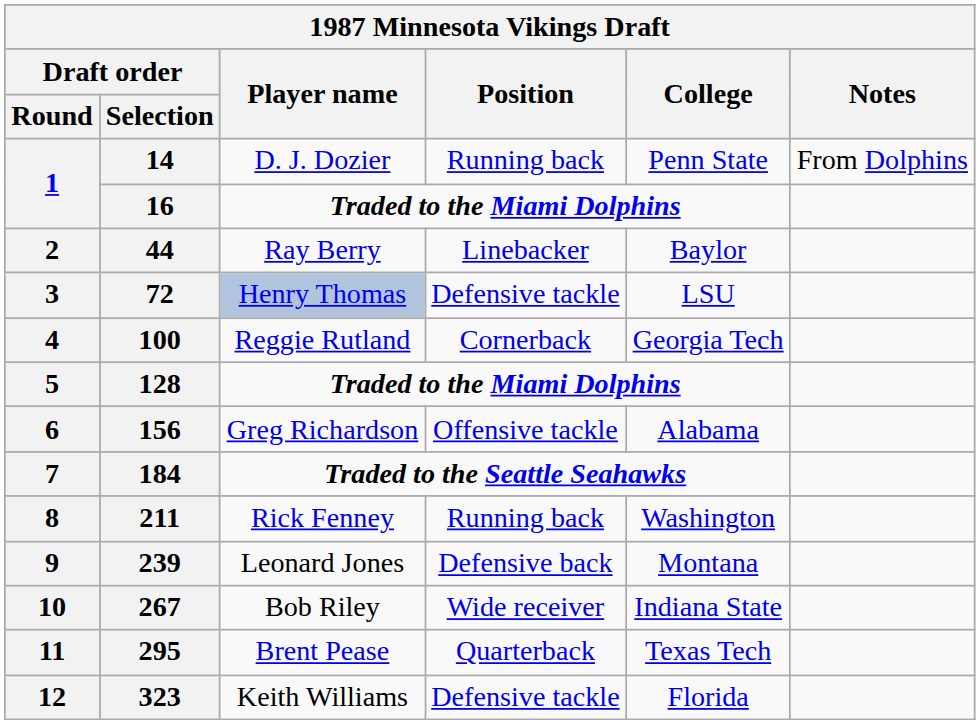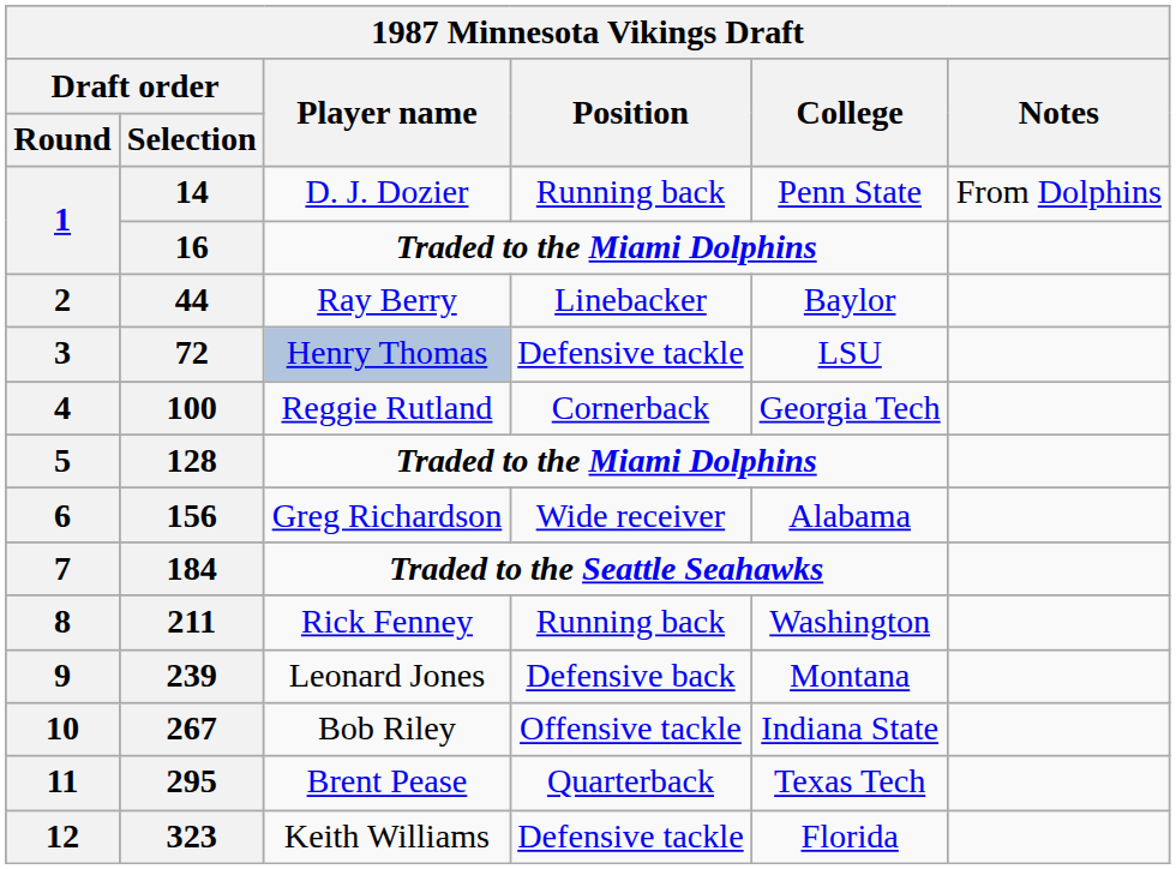 <table class="wikitable" style="text-align:center">
 <tr>
 <th colspan="6">1987 Minnesota Vikings Draft</th>
 </tr>
 <tr>
 <th colspan="2">Draft order</th>
 <th rowspan="2">Player name</th>
 <th rowspan="2">Position</th>
 <th rowspan="2">College</th>
 <th rowspan="2">Notes</th>
 </tr>
 <tr>
 <th>Round</th>
 <th>Selection</th>
 </tr>
 <tr>
 <th rowspan="2"><a href='#'>1</a></th>
 <th>14</th>
 <td><a href='#'>D. J. Dozier</a></td>
 <td><a href='#'>Running back</a></td>
 <td><a href='#'>Penn State</a></td>
 <td>From <a href='#'>Dolphins</a></td>
 </tr>
 <tr>
 <th>16</th>
 <td colspan="3"><strong><em>Traded to the <a href='#'>Miami Dolphins</a></em></strong></td>
 <td></td>
 </tr>
 <tr>
 <th>2</th>
 <th>44</th>
 <td><a href='#'>Ray Berry</a></td>
 <td><a href='#'>Linebacker</a></td>
 <td><a href='#'>Baylor</a></td>
 <td></td>
 </tr>
 <tr>
 <th>3</th>
 <th>72</th>
 <td bgcolor=lightsteelblue><a href='#'>Henry Thomas</a></td>
 <td><a href='#'>Defensive tackle</a></td>
 <td><a href='#'>LSU</a></td>
 <td></td>
 </tr>
 <tr>
 <th>4</th>
 <th>100</th>
 <td><a href='#'>Reggie Rutland</a></td>
 <td><a href='#'>Cornerback</a></td>
 <td><a href='#'>Georgia Tech</a></td>
 <td></td>
 </tr>
 <tr>
 <th>5</th>
 <th>128</th>
 <td colspan="3"><strong><em>Traded to the <a href='#'>Miami Dolphins</a></em></strong></td>
 <td></td>
 </tr>
 <tr>
 <th>6</th>
 <th>156</th>
 <td><a href='#'>Greg Richardson</a></td>
-<td><a href='#'>Offensive tackle</a></td>
+<td><a href='#'>Wide receiver</a></td>
 <td><a href='#'>Alabama</a></td>
 <td></td>
 </tr>
 <tr>
 <th>7</th>
 <th>184</th>
 <td colspan="3"><strong><em>Traded to the <a href='#'>Seattle Seahawks</a></em></strong></td>
 <td></td>
 </tr>
 <tr>
 <th>8</th>
 <th>211</th>
 <td><a href='#'>Rick Fenney</a></td>
 <td><a href='#'>Running back</a></td>
 <td><a href='#'>Washington</a></td>
 <td></td>
 </tr>
 <tr>
 <th>9</th>
 <th>239</th>
 <td>Leonard Jones</td>
 <td><a href='#'>Defensive back</a></td>
 <td><a href='#'>Montana</a></td>
 <td></td>
 </tr>
 <tr>
 <th>10</th>
 <th>267</th>
 <td>Bob Riley</td>
-<td><a href='#'>Wide receiver</a></td>
+<td><a href='#'>Offensive tackle</a></td>
 <td><a href='#'>Indiana State</a></td>
 <td></td>
 </tr>
 <tr>
 <th>11</th>
 <th>295</th>
 <td><a href='#'>Brent Pease</a></td>
 <td><a href='#'>Quarterback</a></td>
 <td><a href='#'>Texas Tech</a></td>
 <td></td>
 </tr>
 <tr>
 <th>12</th>
 <th>323</th>
 <td>Keith Williams</td>
 <td><a href='#'>Defensive tackle</a></td>
 <td><a href='#'>Florida</a></td>
 <td></td>
 </tr>
 </table>
